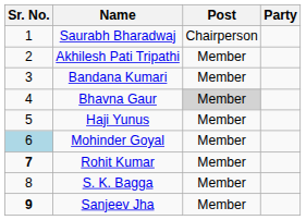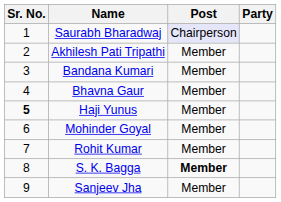 <table class="wikitable sortable">
 <tr>
 <th>Sr. No.</th>
 <th>Name</th>
 <th>Post</th>
 <th colspan="2">Party</th>
 </tr>
 <tr align="center">
 <td>1</td>
 <td><a href='#'>Saurabh Bharadwaj</a></td>
-<td>Chairperson</td>
+<td style="background: lavender;">Chairperson</td>
 <td></td>
 </tr>
 <tr align="center">
 <td>2</td>
 <td><a href='#'>Akhilesh Pati Tripathi</a></td>
 <td>Member</td>
 <td></td>
 </tr>
 <tr align="center">
 <td>3</td>
 <td><a href='#'>Bandana Kumari</a></td>
 <td>Member</td>
 <td></td>
 </tr>
 <tr align="center">
 <td>4</td>
 <td><a href='#'>Bhavna Gaur</a></td>
-<td style="background: lightgrey;">Member</td>
+<td>Member</td>
 <td></td>
 </tr>
 <tr align="center">
-<td>5</td>
+<td><strong>5</strong></td>
 <td><a href='#'>Haji Yunus</a></td>
 <td>Member</td>
 <td></td>
 </tr>
 <tr align="center">
-<td style="background: lightblue;">6</td>
+<td>6</td>
 <td><a href='#'>Mohinder Goyal</a></td>
 <td>Member</td>
 <td></td>
 </tr>
 <tr align="center">
-<td><strong>7</strong></td>
+<td>7</td>
 <td><a href='#'>Rohit Kumar</a></td>
 <td>Member</td>
 <td></td>
 </tr>
 <tr align="center">
 <td>8</td>
 <td><a href='#'>S. K. Bagga</a></td>
-<td>Member</td>
+<td><strong>Member</strong></td>
 <td></td>
 </tr>
 <tr align="center">
-<td><strong>9</strong></td>
+<td>9</td>
 <td><a href='#'>Sanjeev Jha</a></td>
 <td>Member</td>
 <td></td>
 </tr>
 </table>
